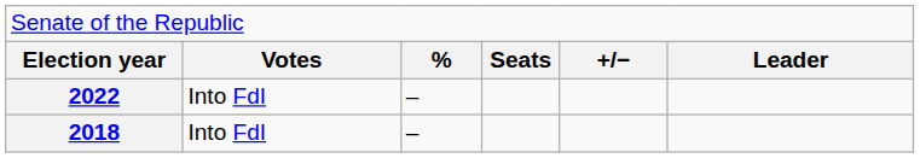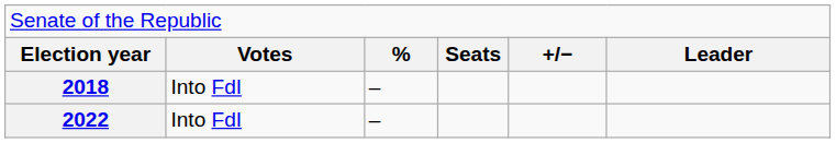 <table class=wikitable style="width:50%; border:1px #AAAAFF solid">
 <tr>
 <td colspan=6><a href='#'>Senate of the Republic</a></td>
 </tr>
 <tr>
 <th width=13%>Election year</th>
 <th width=16%>Votes</th>
 <th width=6%>%</th>
 <th width=1%>Seats</th>
 <th width=8%>+/−</th>
 <th width=18%>Leader</th>
 </tr>
 <tr>
+<th><a href='#'>2018</a></th>
+<td>Into <a href='#'>FdI</a></td>
+<td>–</td>
+<td></td>
+<td></td>
+<td></td>
+</tr>
+<tr>
 <th><a href='#'>2022</a></th>
 <td>Into <a href='#'>FdI</a></td>
 <td>–</td>
 <td></td>
 <td></td>
 <td></td>
 </tr>
-<tr>
-<th><a href='#'>2018</a></th>
-<td>Into <a href='#'>FdI</a></td>
-<td>–</td>
-<td></td>
-<td></td>
-<td></td>
-</tr>
 </table>
